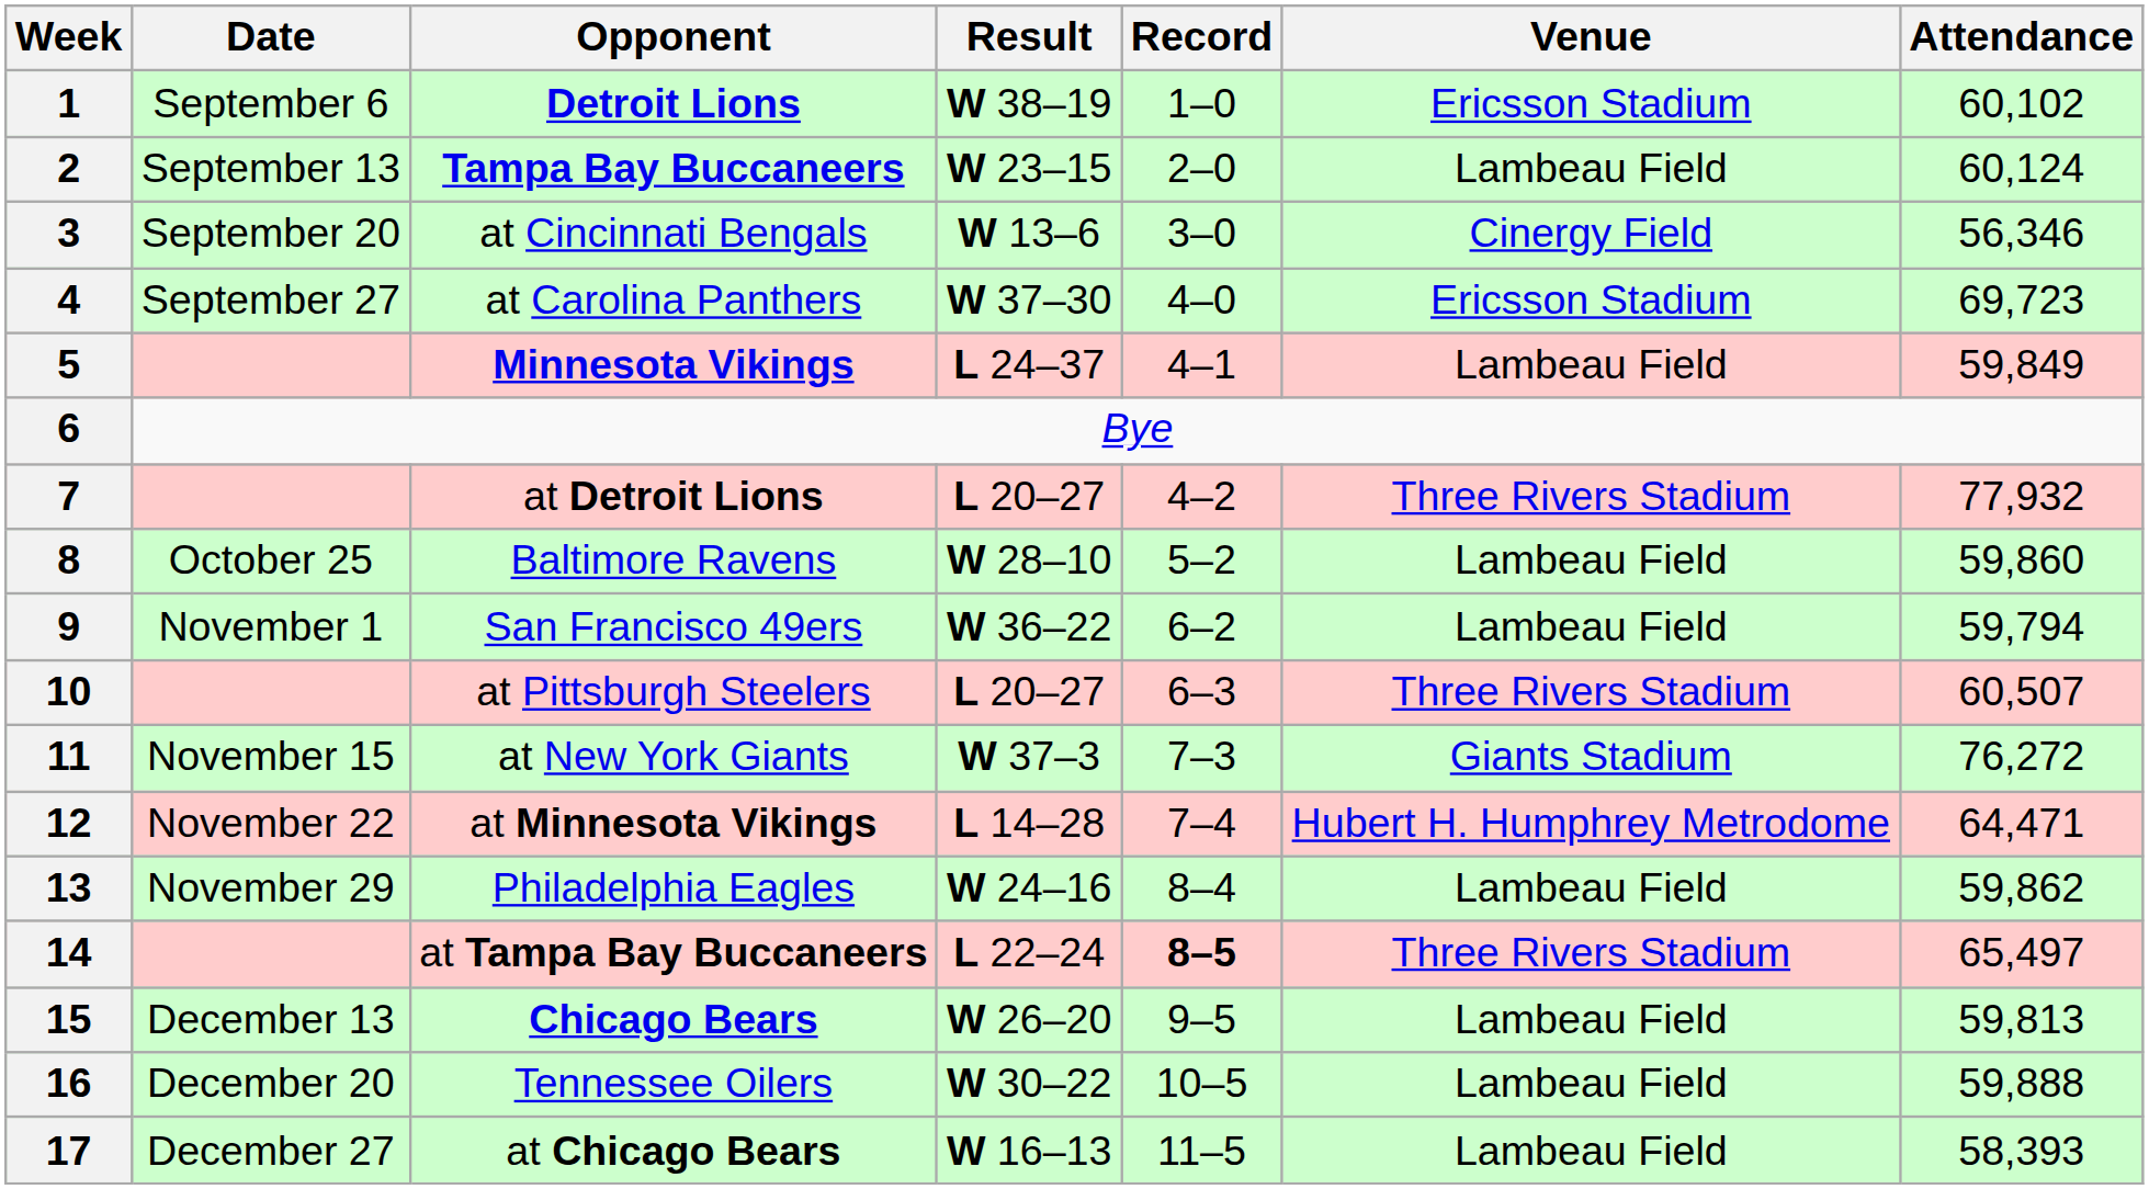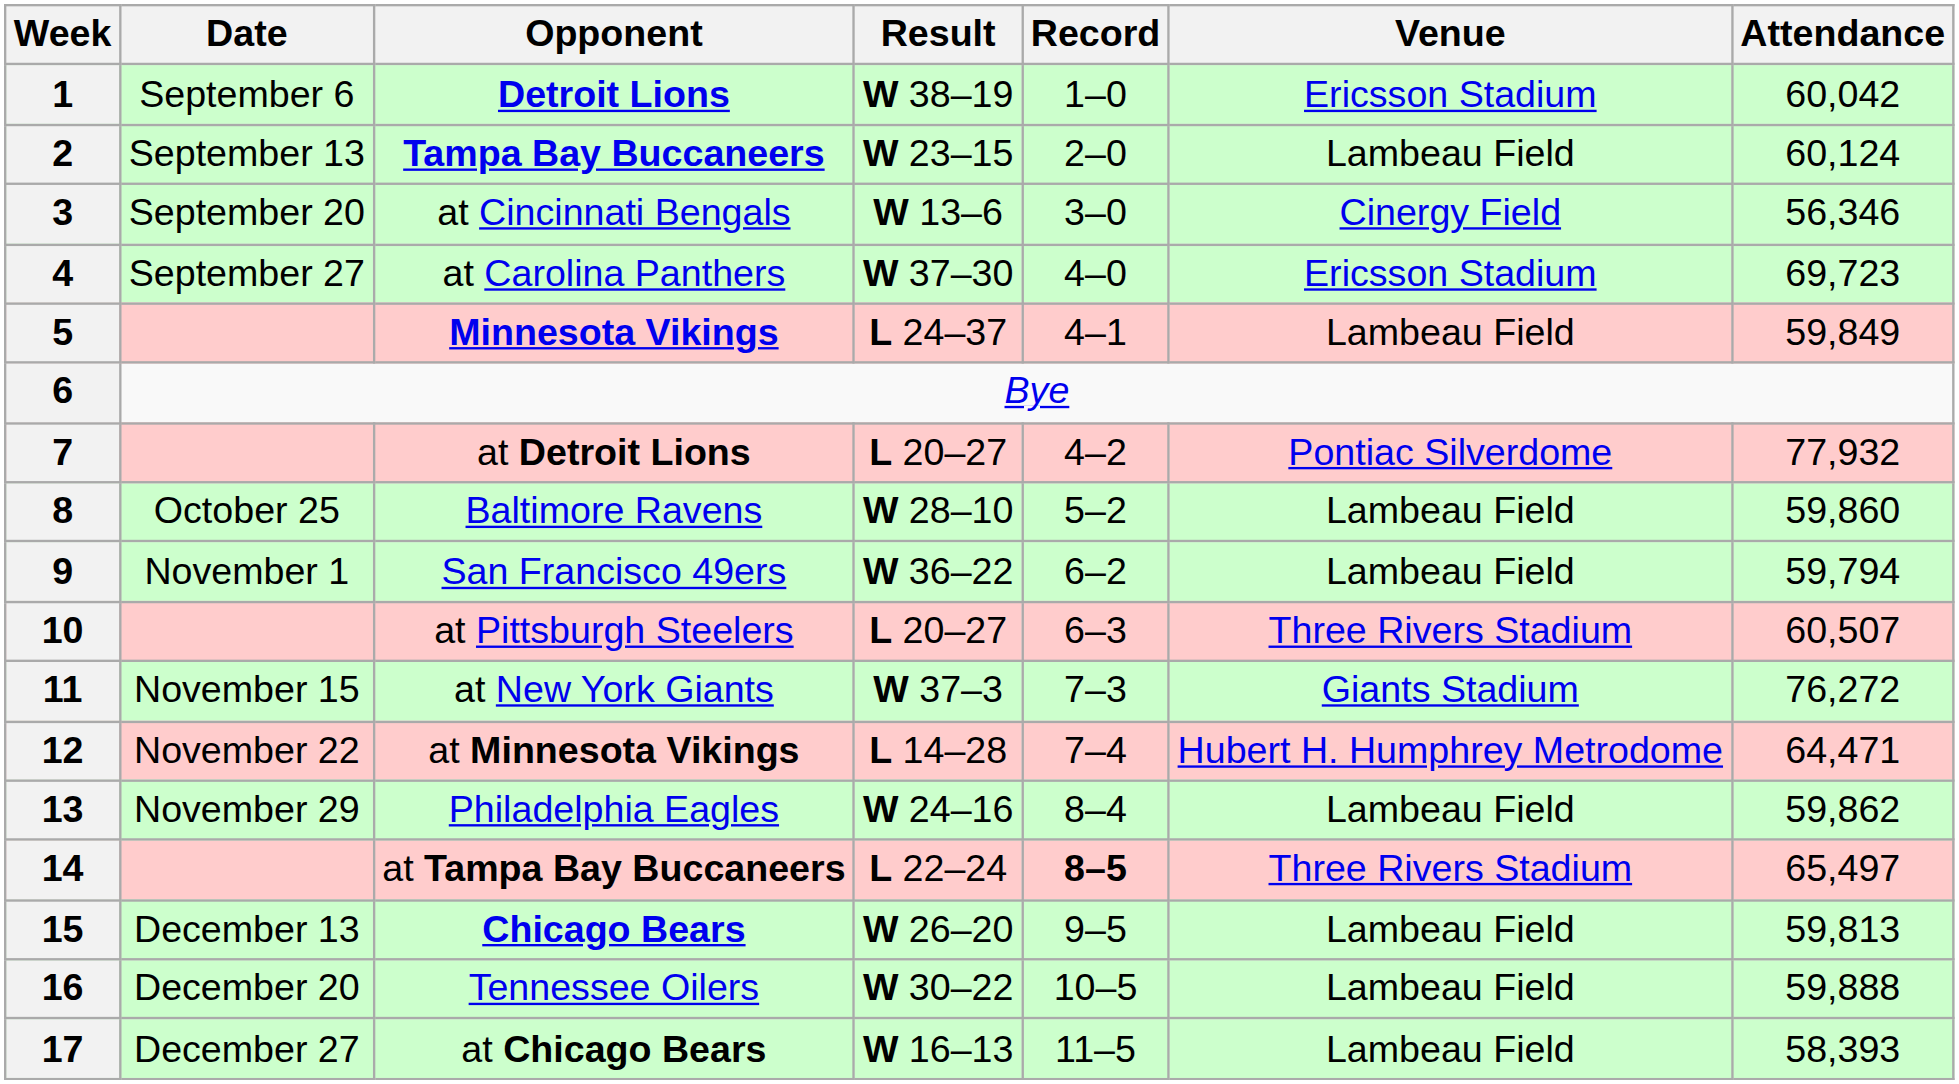 <table class="wikitable" style="text-align:center">
 <tr>
 <th>Week</th>
 <th>Date</th>
 <th>Opponent</th>
 <th>Result</th>
 <th>Record</th>
 <th>Venue</th>
 <th>Attendance</th>
 </tr>
 <tr style="background:#cfc">
 <th>1</th>
 <td>September 6</td>
 <td><strong><a href='#'>Detroit Lions</a></strong></td>
 <td><strong>W</strong> 38–19</td>
 <td>1–0</td>
 <td><a href='#'>Ericsson Stadium</a></td>
-<td>60,102</td>
+<td>60,042</td>
 </tr>
 <tr style="background:#cfc">
 <th>2</th>
 <td>September 13</td>
 <td><strong><a href='#'>Tampa Bay Buccaneers</a></strong></td>
 <td><strong>W</strong> 23–15</td>
 <td>2–0</td>
 <td>Lambeau Field</td>
 <td>60,124</td>
 </tr>
 <tr style="background:#cfc">
 <th>3</th>
 <td>September 20</td>
 <td>at <a href='#'>Cincinnati Bengals</a></td>
 <td><strong>W</strong> 13–6</td>
 <td>3–0</td>
 <td><a href='#'>Cinergy Field</a></td>
 <td>56,346</td>
 </tr>
 <tr style="background:#cfc">
 <th>4</th>
 <td>September 27</td>
 <td>at <a href='#'>Carolina Panthers</a></td>
 <td><strong>W</strong> 37–30</td>
 <td>4–0</td>
 <td><a href='#'>Ericsson Stadium</a></td>
 <td>69,723</td>
 </tr>
 <tr style="background:#fcc">
 <th>5</th>
 <td></td>
 <td><strong><a href='#'>Minnesota Vikings</a></strong></td>
 <td><strong>L</strong> 24–37</td>
 <td>4–1</td>
 <td>Lambeau Field</td>
 <td>59,849</td>
 </tr>
 <tr>
 <th>6</th>
 <td colspan="6"><em><a href='#'>Bye</a></em></td>
 </tr>
 <tr style="background:#fcc">
 <th>7</th>
 <td></td>
 <td>at <strong>Detroit Lions</strong></td>
 <td><strong>L</strong> 20–27</td>
 <td>4–2</td>
-<td><a href='#'>Three Rivers Stadium</a></td>
+<td><a href='#'>Pontiac Silverdome</a></td>
 <td>77,932</td>
 </tr>
 <tr style="background:#cfc">
 <th>8</th>
 <td>October 25</td>
 <td><a href='#'>Baltimore Ravens</a></td>
 <td><strong>W</strong> 28–10</td>
 <td>5–2</td>
 <td>Lambeau Field</td>
 <td>59,860</td>
 </tr>
 <tr style="background:#cfc">
 <th>9</th>
 <td>November 1</td>
 <td><a href='#'>San Francisco 49ers</a></td>
 <td><strong>W</strong> 36–22</td>
 <td>6–2</td>
 <td>Lambeau Field</td>
 <td>59,794</td>
 </tr>
 <tr style="background:#fcc">
 <th>10</th>
 <td></td>
 <td>at <a href='#'>Pittsburgh Steelers</a></td>
 <td><strong>L</strong> 20–27</td>
 <td>6–3</td>
 <td><a href='#'>Three Rivers Stadium</a></td>
 <td>60,507</td>
 </tr>
 <tr style="background:#cfc">
 <th>11</th>
 <td>November 15</td>
 <td>at <a href='#'>New York Giants</a></td>
 <td><strong>W</strong> 37–3</td>
 <td>7–3</td>
 <td><a href='#'>Giants Stadium</a></td>
 <td>76,272</td>
 </tr>
 <tr style="background:#fcc">
 <th>12</th>
 <td>November 22</td>
 <td>at <strong>Minnesota Vikings</strong></td>
 <td><strong>L</strong> 14–28</td>
 <td>7–4</td>
 <td><a href='#'>Hubert H. Humphrey Metrodome</a></td>
 <td>64,471</td>
 </tr>
 <tr style="background:#cfc">
 <th>13</th>
 <td>November 29</td>
 <td><a href='#'>Philadelphia Eagles</a></td>
 <td><strong>W</strong> 24–16</td>
 <td>8–4</td>
 <td>Lambeau Field</td>
 <td>59,862</td>
 </tr>
 <tr style="background:#fcc">
 <th>14</th>
 <td></td>
 <td>at <strong>Tampa Bay Buccaneers</strong></td>
 <td><strong>L</strong> 22–24</td>
 <td><strong>8–5</strong></td>
 <td><a href='#'>Three Rivers Stadium</a></td>
 <td>65,497</td>
 </tr>
 <tr style="background:#cfc">
 <th>15</th>
 <td>December 13</td>
 <td><strong><a href='#'>Chicago Bears</a></strong></td>
 <td><strong>W</strong> 26–20</td>
 <td>9–5</td>
 <td>Lambeau Field</td>
 <td>59,813</td>
 </tr>
 <tr style="background:#cfc">
 <th>16</th>
 <td>December 20</td>
 <td><a href='#'>Tennessee Oilers</a></td>
 <td><strong>W</strong> 30–22</td>
 <td>10–5</td>
 <td>Lambeau Field</td>
 <td>59,888</td>
 </tr>
 <tr style="background:#cfc">
 <th>17</th>
 <td>December 27</td>
 <td>at <strong>Chicago Bears</strong></td>
 <td><strong>W</strong> 16–13</td>
 <td>11–5</td>
 <td>Lambeau Field</td>
 <td>58,393</td>
 </tr>
 </table>
